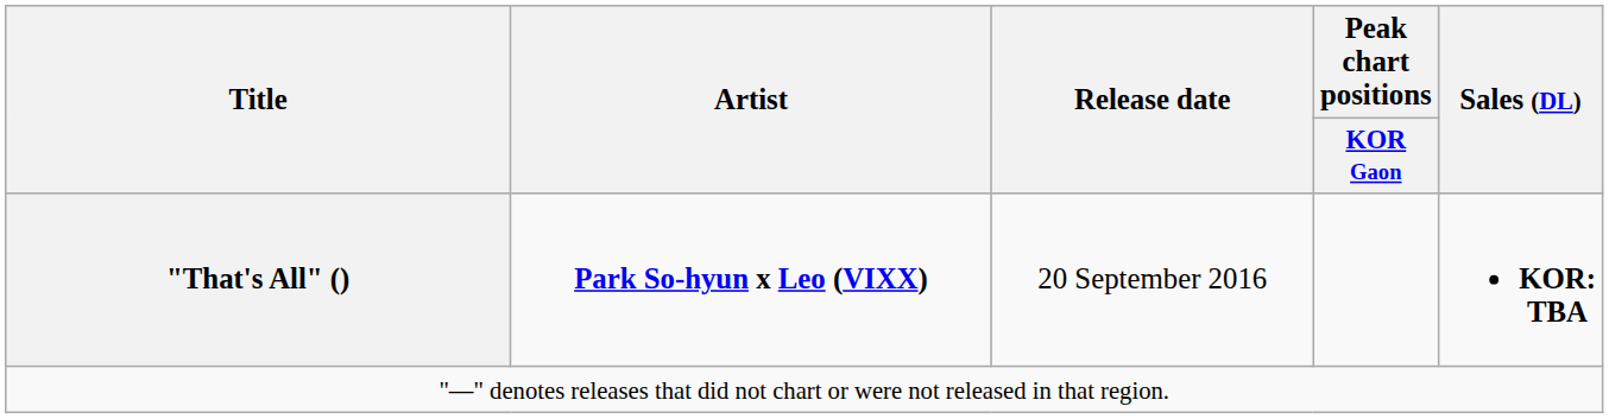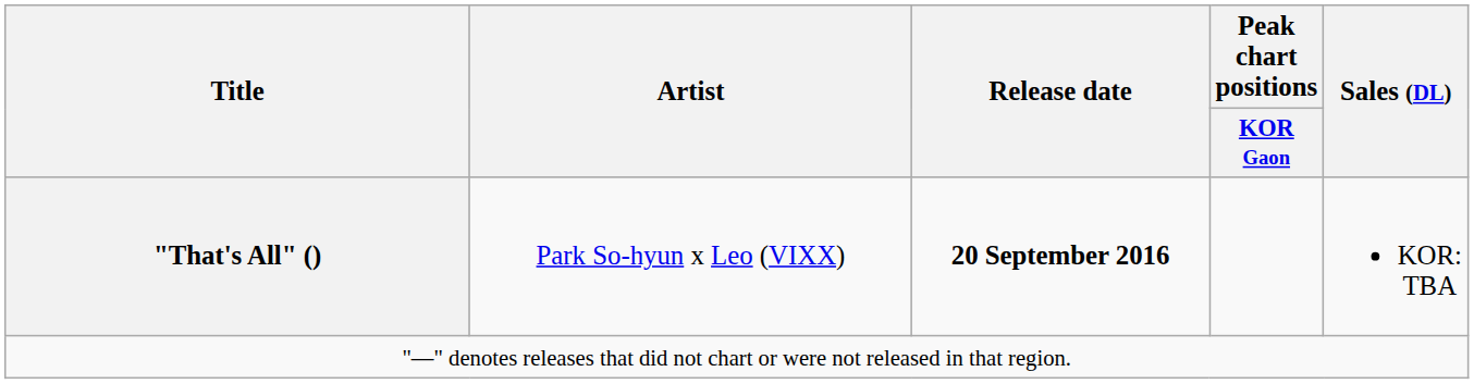 <table class="wikitable plainrowheaders" style="text-align:center;">
 <tr>
 <th scope="col" rowspan=2 style="width:20em;">Title</th>
 <th scope="col" rowspan=2 style="width:19em;">Artist</th>
 <th scope="col" rowspan=2 style="width:12em;">Release date</th>
 <th colspan="1" scope="col">Peak chart positions</th>
 <th scope="col" rowspan=2>Sales <small>(<a href='#'>DL</a>)</small></th>
 </tr>
 <tr>
 <th scope="col" style="width:3em;font-size:90%;"><a href='#'>KOR<br><small>Gaon</small></a><br></th>
 </tr>
 <tr>
 <th scope=row>"That's All" ()</th>
-<td><strong><a href='#'>Park So-hyun</a> x <a href='#'>Leo</a> (<a href='#'>VIXX</a>)</strong></td>
-<td align=center>20 September 2016</td>
+<td><a href='#'>Park So-hyun</a> x <a href='#'>Leo</a> (<a href='#'>VIXX</a>)</td>
+<td align=center><strong>20 September 2016</strong></td>
 <td></td>
-<td><strong><br><ul><li>KOR: TBA</li></ul></strong></td>
+<td><br><ul><li>KOR: TBA</li></ul></td>
 </tr>
 <tr>
 <td colspan="7" align="center"><small>"—" denotes releases that did not chart or were not released in that region.</small></td>
 </tr>
 </table>
